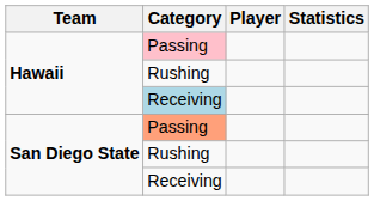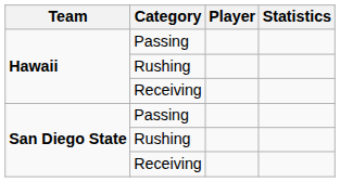 <table class="wikitable" style="float: right;">
 <tr>
 <th>Team</th>
 <th>Category</th>
 <th>Player</th>
 <th>Statistics</th>
 </tr>
 <tr>
 <td rowspan=3><strong>Hawaii</strong></td>
-<td style="background: pink;">Passing</td>
+<td>Passing</td>
 <td></td>
 <td></td>
 </tr>
 <tr>
 <td>Rushing</td>
 <td></td>
 <td></td>
 </tr>
 <tr>
-<td style="background: lightblue;">Receiving</td>
+<td>Receiving</td>
 <td></td>
 <td></td>
 </tr>
 <tr>
 <td rowspan=3><strong>San Diego State</strong></td>
-<td style="background: lightsalmon;">Passing</td>
+<td>Passing</td>
 <td></td>
 <td></td>
 </tr>
 <tr>
 <td>Rushing</td>
 <td></td>
 <td></td>
 </tr>
 <tr>
 <td>Receiving</td>
 <td></td>
 <td></td>
 </tr>
 </table>
